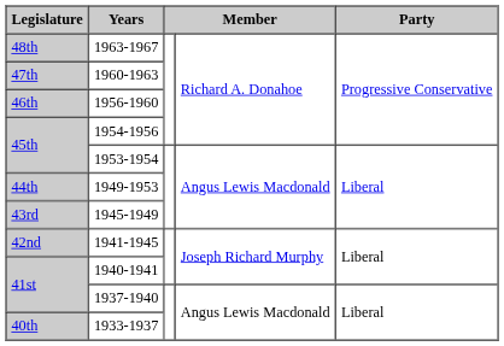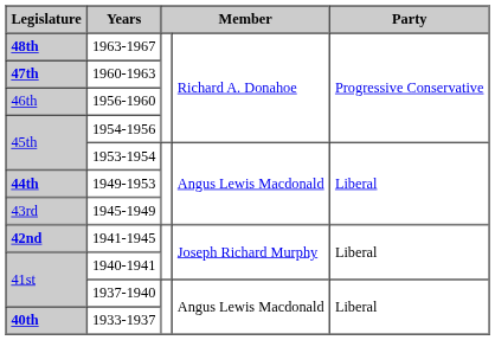 <table border=1 cellpadding=5 cellspacing=0>
 <tr bgcolor="CCCCCC">
 <th>Legislature</th>
 <th>Years</th>
 <th colspan="2">Member</th>
 <th>Party</th>
 </tr>
 <tr>
-<td bgcolor="CCCCCC"><a href='#'>48th</a></td>
+<td bgcolor="CCCCCC"><strong><a href='#'>48th</a></strong></td>
 <td>1963-1967</td>
 <td rowspan="4" ></td>
 <td rowspan="4"><a href='#'>Richard A. Donahoe</a></td>
 <td rowspan="4"><a href='#'>Progressive Conservative</a></td>
 </tr>
 <tr>
-<td bgcolor="CCCCCC"><a href='#'>47th</a></td>
+<td bgcolor="CCCCCC"><strong><a href='#'>47th</a></strong></td>
 <td>1960-1963</td>
 </tr>
 <tr>
 <td bgcolor="CCCCCC"><a href='#'>46th</a></td>
 <td>1956-1960</td>
 </tr>
 <tr>
 <td rowspan="2" bgcolor="CCCCCC"><a href='#'>45th</a></td>
 <td>1954-1956</td>
 </tr>
 <tr>
 <td>1953-1954</td>
 <td rowspan="3" ></td>
 <td rowspan="3"><a href='#'>Angus Lewis Macdonald</a></td>
 <td rowspan="3"><a href='#'>Liberal</a></td>
 </tr>
 <tr>
-<td bgcolor="CCCCCC"><a href='#'>44th</a></td>
+<td bgcolor="CCCCCC"><strong><a href='#'>44th</a></strong></td>
 <td>1949-1953</td>
 </tr>
 <tr>
 <td bgcolor="CCCCCC"><a href='#'>43rd</a></td>
 <td>1945-1949</td>
 </tr>
 <tr>
-<td bgcolor="CCCCCC"><a href='#'>42nd</a></td>
+<td bgcolor="CCCCCC"><strong><a href='#'>42nd</a></strong></td>
 <td>1941-1945</td>
 <td rowspan="2" ></td>
 <td rowspan="2"><a href='#'>Joseph Richard Murphy</a></td>
 <td rowspan="2">Liberal</td>
 </tr>
 <tr>
 <td rowspan="2" bgcolor="CCCCCC"><a href='#'>41st</a></td>
 <td>1940-1941</td>
 </tr>
 <tr>
 <td>1937-1940</td>
 <td rowspan="2" ></td>
 <td rowspan="2">Angus Lewis Macdonald</td>
 <td rowspan="2">Liberal</td>
 </tr>
 <tr>
-<td bgcolor="CCCCCC"><a href='#'>40th</a></td>
+<td bgcolor="CCCCCC"><strong><a href='#'>40th</a></strong></td>
 <td>1933-1937</td>
 </tr>
 </table>
